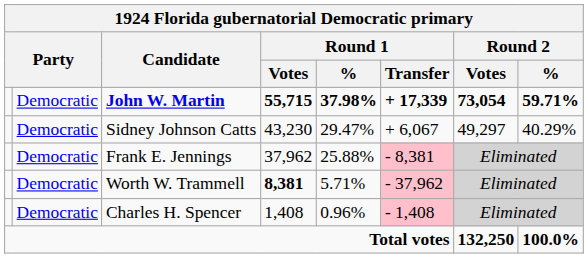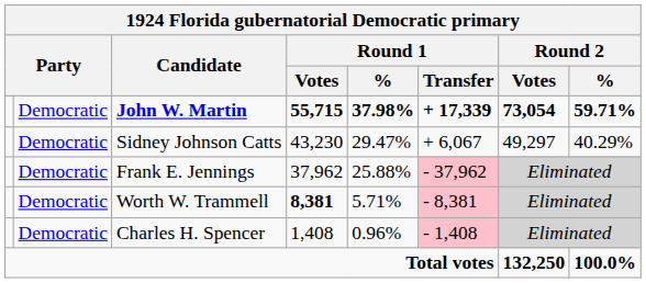 <table class="wikitable">
 <tr>
 <th colspan="8">1924 Florida gubernatorial Democratic primary</th>
 </tr>
 <tr>
 <th colspan="2" rowspan="2">Party</th>
 <th rowspan="2">Candidate</th>
 <th colspan="3">Round 1</th>
 <th colspan="2">Round 2</th>
 </tr>
 <tr>
 <th>Votes</th>
 <th>%</th>
 <th>Transfer</th>
 <th>Votes</th>
 <th>%</th>
 </tr>
 <tr>
 <td style="background-color:"></td>
 <td><a href='#'>Democratic</a></td>
 <td><strong><a href='#'>John W. Martin</a></strong></td>
 <td><strong>55,715</strong></td>
 <td><strong>37.98%</strong></td>
 <td><strong>+ 17,339</strong></td>
 <td><strong>73,054</strong></td>
 <td><strong>59.71%</strong></td>
 </tr>
 <tr>
 <td style="background-color:"></td>
 <td><a href='#'>Democratic</a></td>
 <td>Sidney Johnson Catts</td>
 <td>43,230</td>
 <td>29.47%</td>
 <td>+ 6,067</td>
 <td>49,297</td>
 <td>40.29%</td>
 </tr>
 <tr>
 <td style="background-color:"></td>
 <td><a href='#'>Democratic</a></td>
 <td>Frank E. Jennings</td>
 <td>37,962</td>
 <td>25.88%</td>
-<td BGCOLOR=pink>- 8,381</td>
+<td BGCOLOR=pink>- 37,962</td>
 <td colspan=2 bgcolor=lightgray align=center><em>Eliminated</em></td>
 </tr>
 <tr>
 <td style="background-color:"></td>
 <td><a href='#'>Democratic</a></td>
 <td>Worth W. Trammell</td>
 <td><strong>8,381</strong></td>
 <td>5.71%</td>
-<td BGCOLOR=pink>- 37,962</td>
+<td BGCOLOR=pink>- 8,381</td>
 <td colspan=2 bgcolor=lightgray align=center><em>Eliminated</em></td>
 </tr>
 <tr>
 <td style="background-color:"></td>
 <td><a href='#'>Democratic</a></td>
 <td>Charles H. Spencer</td>
 <td>1,408</td>
 <td>0.96%</td>
 <td BGCOLOR=pink>- 1,408</td>
 <td colspan=2 bgcolor=lightgray align=center><em>Eliminated</em></td>
 </tr>
 <tr>
 <td colspan="6" align="right"><strong>Total votes</strong></td>
 <td><strong>132,250</strong></td>
 <td><strong>100.0%</strong></td>
 </tr>
 </table>
